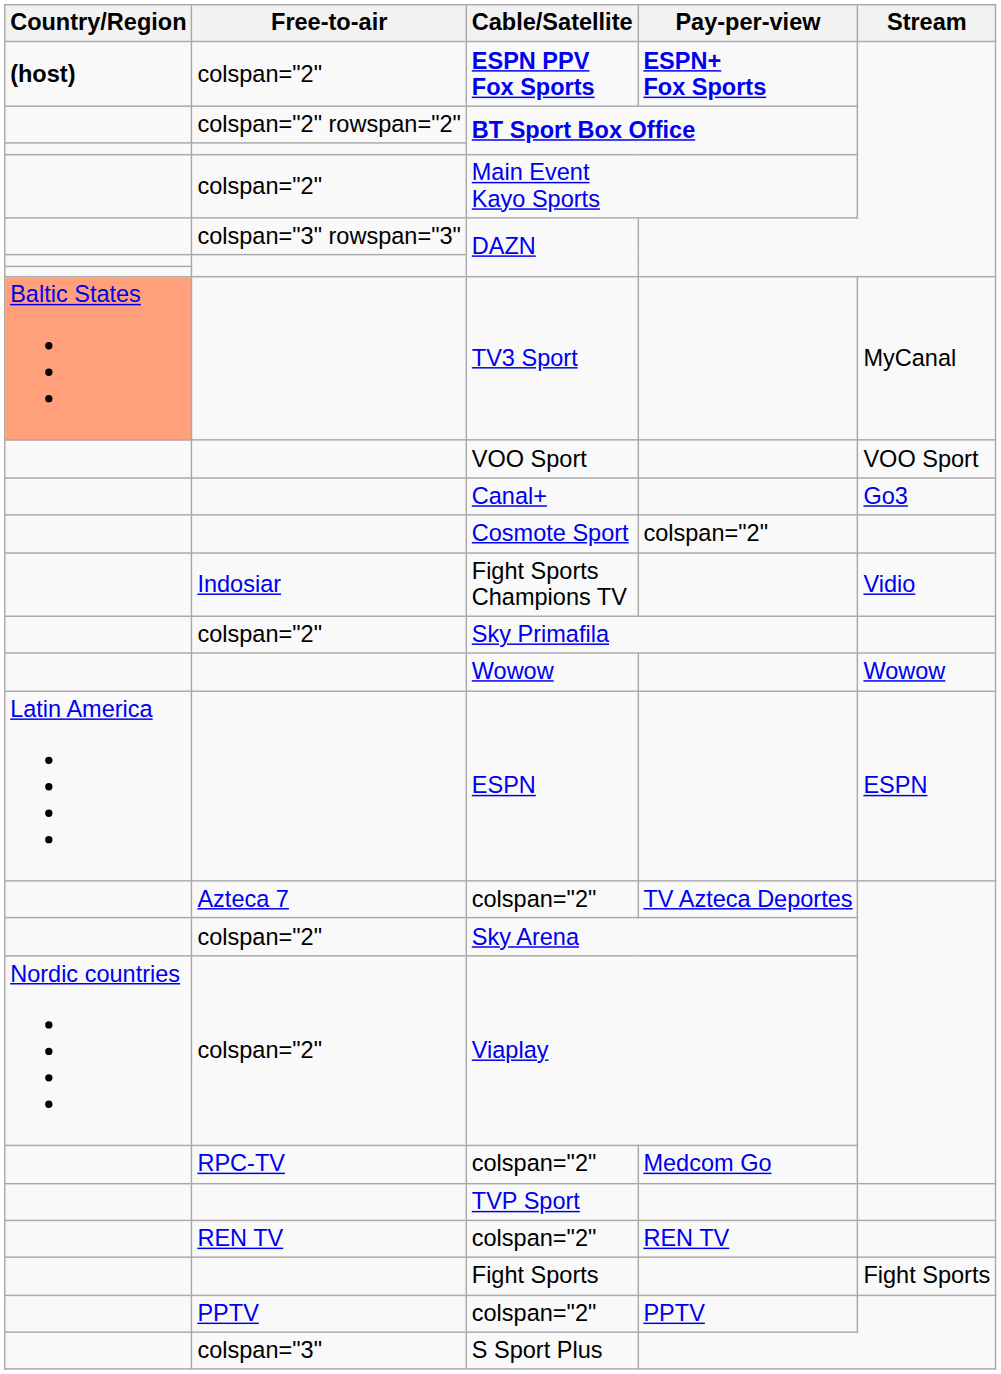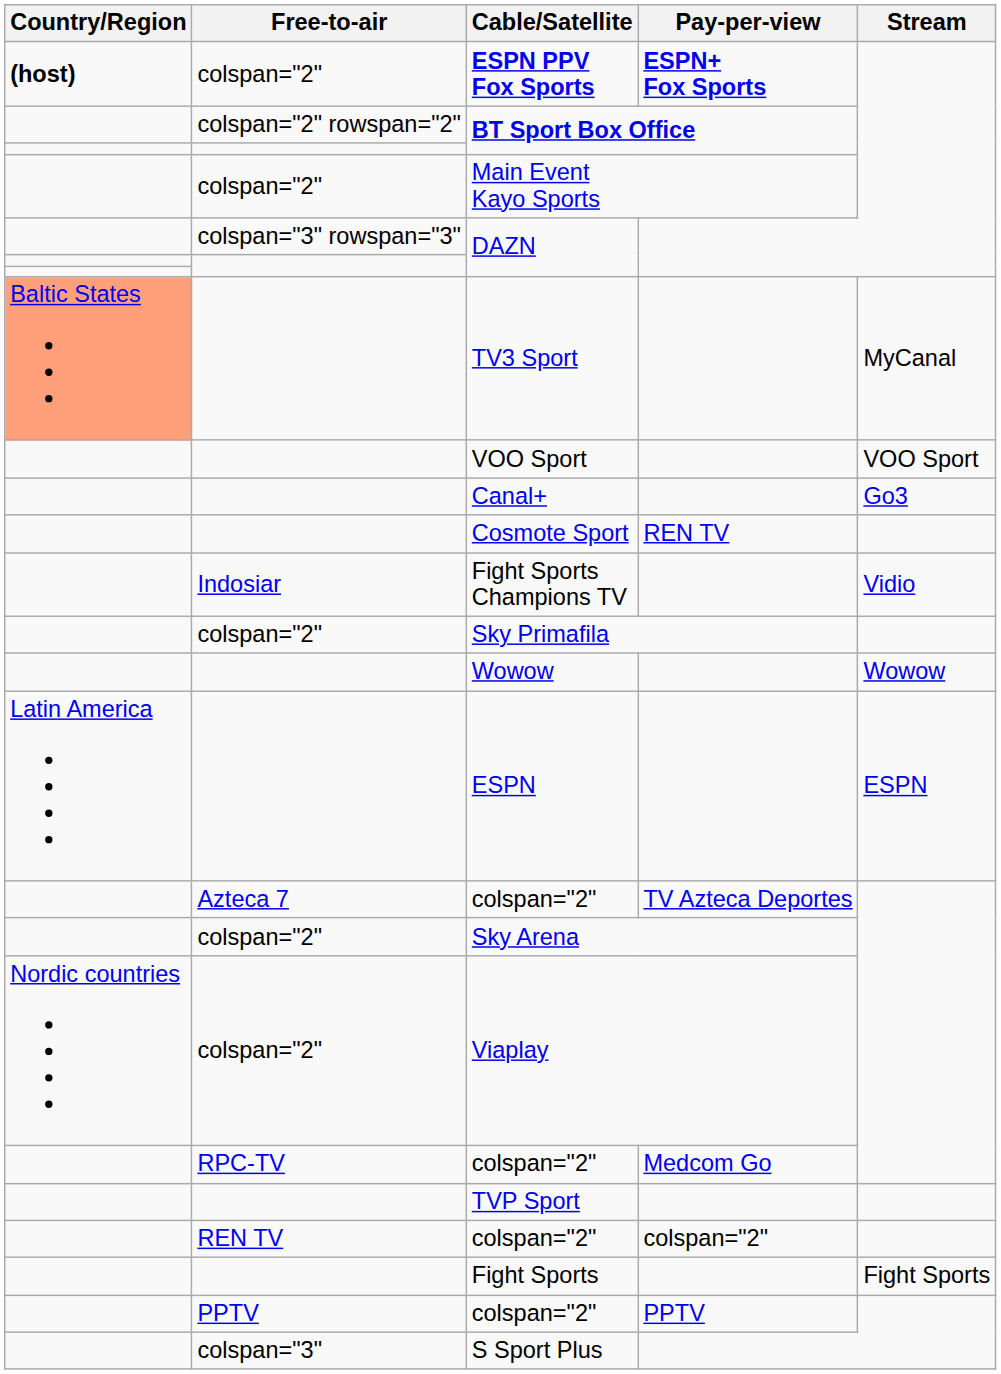 <table class="wikitable">
 <tr>
 <th>Country/Region</th>
 <th>Free-to-air</th>
 <th>Cable/Satellite</th>
 <th>Pay-per-view</th>
 <th>Stream</th>
 </tr>
 <tr>
 <td><strong> (host)</strong></td>
 <td>colspan="2" </td>
 <td><strong><a href='#'>ESPN PPV</a></strong><br><strong><a href='#'>Fox Sports</a></strong></td>
 <td><strong><a href='#'>ESPN+</a></strong><br><strong><a href='#'>Fox Sports</a></strong></td>
 </tr>
 <tr>
 <td><strong></strong></td>
 <td>colspan="2" rowspan="2" </td>
 <td colspan="2" rowspan="2"><strong><a href='#'>BT Sport Box Office</a></strong></td>
 </tr>
 <tr>
 <td></td>
 </tr>
 <tr>
 <td></td>
 <td>colspan="2" </td>
 <td colspan="2"><a href='#'>Main Event</a><br><a href='#'>Kayo Sports</a></td>
 </tr>
 <tr>
 <td></td>
 <td>colspan="3" rowspan="3" </td>
 <td rowspan="3"><a href='#'>DAZN</a></td>
 </tr>
 <tr>
 <td></td>
 </tr>
 <tr>
 <td></td>
 </tr>
 <tr>
 <td style="background: lightsalmon;"><a href='#'>Baltic States</a><br><ul><li></li><li></li><li></li></ul></td>
 <td></td>
 <td><a href='#'>TV3 Sport</a></td>
 <td></td>
 <td>MyCanal</td>
 </tr>
 <tr>
 <td></td>
 <td></td>
 <td>VOO Sport</td>
 <td></td>
 <td>VOO Sport</td>
 </tr>
 <tr>
 <td></td>
 <td></td>
 <td><a href='#'>Canal+</a></td>
 <td></td>
 <td><a href='#'>Go3</a></td>
 </tr>
 <tr>
 <td></td>
 <td></td>
 <td><a href='#'>Cosmote Sport</a></td>
-<td>colspan="2" </td>
+<td><a href='#'>REN TV</a></td>
 </tr>
 <tr>
 <td></td>
 <td><a href='#'>Indosiar</a></td>
 <td>Fight Sports<br>Champions TV</td>
 <td></td>
 <td><a href='#'>Vidio</a></td>
 </tr>
 <tr>
 <td></td>
 <td>colspan="2" </td>
 <td colspan="2"><a href='#'>Sky Primafila</a></td>
 </tr>
 <tr>
 <td></td>
 <td></td>
 <td><a href='#'>Wowow</a></td>
 <td></td>
 <td><a href='#'>Wowow</a></td>
 </tr>
 <tr>
 <td><a href='#'>Latin America</a><br><ul><li></li><li></li><li></li><li></li></ul></td>
 <td></td>
 <td><a href='#'>ESPN</a></td>
 <td></td>
 <td><a href='#'>ESPN</a></td>
 </tr>
 <tr>
 <td></td>
 <td><a href='#'>Azteca 7</a></td>
 <td>colspan="2" </td>
 <td><a href='#'>TV Azteca Deportes</a></td>
 </tr>
 <tr>
 <td></td>
 <td>colspan="2" </td>
 <td colspan="2"><a href='#'>Sky Arena</a></td>
 </tr>
 <tr>
 <td><a href='#'>Nordic countries</a><br><ul><li></li><li></li><li></li><li></li></ul></td>
 <td>colspan="2" </td>
 <td colspan="2"><a href='#'>Viaplay</a></td>
 </tr>
 <tr>
 <td></td>
 <td><a href='#'>RPC-TV</a></td>
 <td>colspan="2" </td>
 <td><a href='#'>Medcom Go</a></td>
 </tr>
 <tr>
 <td></td>
 <td></td>
 <td><a href='#'>TVP Sport</a></td>
 <td></td>
 <td></td>
 </tr>
 <tr>
 <td></td>
 <td><a href='#'>REN TV</a></td>
 <td>colspan="2" </td>
-<td><a href='#'>REN TV</a></td>
+<td>colspan="2" </td>
 </tr>
 <tr>
 <td></td>
 <td></td>
 <td>Fight Sports</td>
 <td></td>
 <td>Fight Sports</td>
 </tr>
 <tr>
 <td></td>
 <td><a href='#'>PPTV</a></td>
 <td>colspan="2" </td>
 <td><a href='#'>PPTV</a></td>
 </tr>
 <tr>
 <td></td>
 <td>colspan="3" </td>
 <td>S Sport Plus</td>
 </tr>
 </table>
